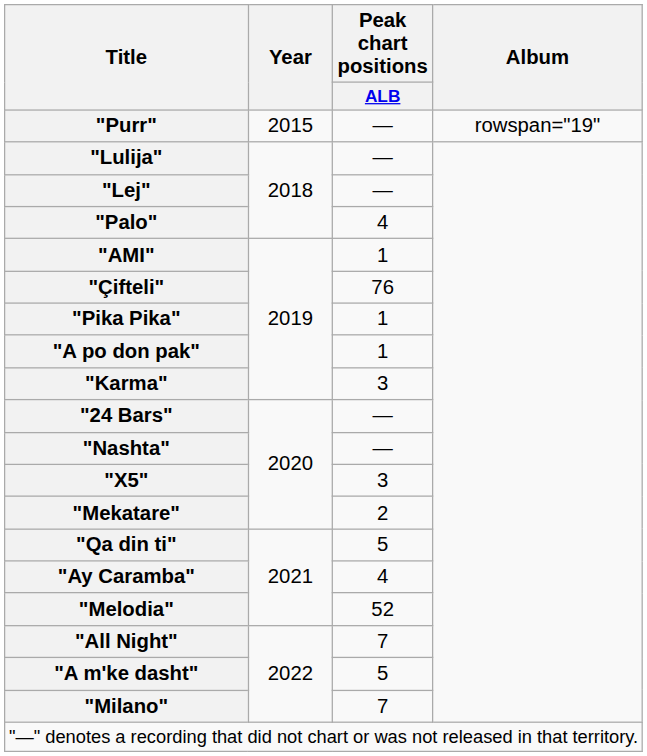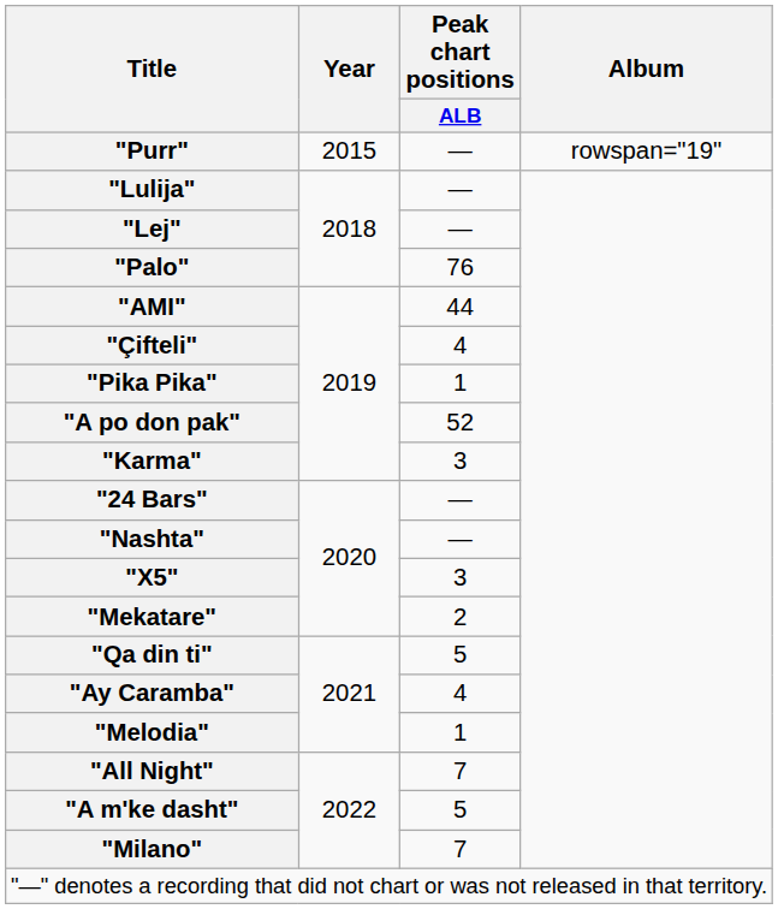 <table class="wikitable plainrowheaders" style="text-align:center;">
 <tr>
 <th scope="col" rowspan="2">Title</th>
 <th scope="col" rowspan="2">Year</th>
 <th scope="col" colspan="1">Peak<br>chart<br>positions</th>
 <th scope="col" rowspan="2">Album</th>
 </tr>
 <tr>
 <th scope="col" style="width:3em;font-size:85%;"><a href='#'>ALB</a><br></th>
 </tr>
 <tr>
 <th scope="row">"Purr"</th>
 <td>2015</td>
 <td>—</td>
 <td>rowspan="19" </td>
 </tr>
 <tr>
 <th scope="row">"Lulija"<br></th>
 <td rowspan="3">2018</td>
 <td>—</td>
 </tr>
 <tr>
 <th scope="row">"Lej"</th>
 <td>—</td>
 </tr>
 <tr>
 <th scope="row">"Palo"</th>
-<td>4</td>
+<td>76</td>
 </tr>
 <tr>
 <th scope="row">"AMI"</th>
 <td rowspan="5">2019</td>
-<td>1</td>
+<td>44</td>
 </tr>
 <tr>
 <th scope="row">"Çifteli"</th>
-<td>76</td>
+<td>4</td>
 </tr>
 <tr>
 <th scope="row">"Pika Pika"</th>
 <td>1</td>
 </tr>
 <tr>
 <th scope="row">"A po don pak"</th>
-<td>1</td>
+<td>52</td>
 </tr>
 <tr>
 <th scope="row">"Karma"</th>
 <td>3</td>
 </tr>
 <tr>
 <th scope="row">"24 Bars"</th>
 <td rowspan="4">2020</td>
 <td>—</td>
 </tr>
 <tr>
 <th scope="row">"Nashta"</th>
 <td>—</td>
 </tr>
 <tr>
 <th scope="row">"X5"<br></th>
 <td>3</td>
 </tr>
 <tr>
 <th scope="row">"Mekatare"</th>
 <td>2</td>
 </tr>
 <tr>
 <th scope="row">"Qa din ti"</th>
 <td rowspan="3">2021</td>
 <td>5</td>
 </tr>
 <tr>
 <th scope="row">"Ay Caramba"<br></th>
 <td>4</td>
 </tr>
 <tr>
 <th scope="row">"Melodia"</th>
-<td>52</td>
+<td>1</td>
 </tr>
 <tr>
 <th scope="row">"All Night"</th>
 <td rowspan="3">2022</td>
 <td>7</td>
 </tr>
 <tr>
 <th scope="row">"A m'ke dasht"<br></th>
 <td>5</td>
 </tr>
 <tr>
 <th scope="row">"Milano"<br></th>
 <td>7</td>
 </tr>
 <tr>
 <td colspan="11" style="font-size:90%">"—" denotes a recording that did not chart or was not released in that territory.</td>
 </tr>
 </table>
